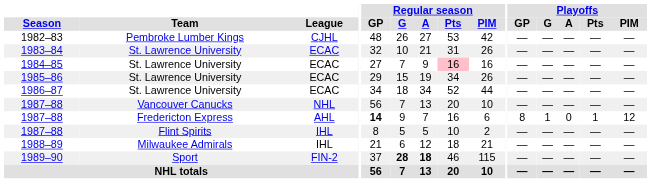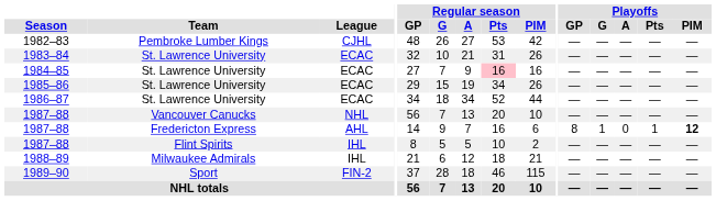 <table border="0" cellpadding="1" cellspacing="0" style="text-align:center; width:60em">
 <tr bgcolor="#e0e0e0">
 <th colspan="3" bgcolor="#ffffff"></th>
 <th rowspan="100" bgcolor="#ffffff"></th>
 <th colspan="5"><a href='#'>Regular season</a></th>
 <th rowspan="100" bgcolor="#ffffff"></th>
 <th colspan="5"><a href='#'>Playoffs</a></th>
 </tr>
 <tr bgcolor="#e0e0e0">
 <th><a href='#'>Season</a></th>
 <th>Team</th>
 <th>League</th>
 <th>GP</th>
 <th><a href='#'>G</a></th>
 <th><a href='#'>A</a></th>
 <th><a href='#'>Pts</a></th>
 <th><a href='#'>PIM</a></th>
 <th>GP</th>
 <th>G</th>
 <th>A</th>
 <th>Pts</th>
 <th>PIM</th>
 </tr>
 <tr>
 <td>1982–83</td>
 <td><a href='#'>Pembroke Lumber Kings</a></td>
 <td><a href='#'>CJHL</a></td>
 <td>48</td>
 <td>26</td>
 <td>27</td>
 <td>53</td>
 <td>42</td>
 <td>—</td>
 <td>—</td>
 <td>—</td>
 <td>—</td>
 <td>—</td>
 </tr>
 <tr bgcolor="#f0f0f0">
 <td><a href='#'>1983–84</a></td>
 <td><a href='#'>St. Lawrence University</a></td>
 <td><a href='#'>ECAC</a></td>
 <td>32</td>
 <td>10</td>
 <td>21</td>
 <td>31</td>
 <td>26</td>
 <td>—</td>
 <td>—</td>
 <td>—</td>
 <td>—</td>
 <td>—</td>
 </tr>
 <tr>
 <td><a href='#'>1984–85</a></td>
 <td>St. Lawrence University</td>
 <td>ECAC</td>
 <td>27</td>
 <td>7</td>
 <td>9</td>
 <td style="background: pink;">16</td>
 <td>16</td>
 <td>—</td>
 <td>—</td>
 <td>—</td>
 <td>—</td>
 <td>—</td>
 </tr>
 <tr bgcolor="#f0f0f0">
 <td><a href='#'>1985–86</a></td>
 <td>St. Lawrence University</td>
 <td>ECAC</td>
 <td>29</td>
 <td>15</td>
 <td>19</td>
 <td>34</td>
 <td>26</td>
 <td>—</td>
 <td>—</td>
 <td>—</td>
 <td>—</td>
 <td>—</td>
 </tr>
 <tr>
 <td><a href='#'>1986–87</a></td>
 <td>St. Lawrence University</td>
 <td>ECAC</td>
 <td>34</td>
 <td>18</td>
 <td>34</td>
 <td>52</td>
 <td>44</td>
 <td>—</td>
 <td>—</td>
 <td>—</td>
 <td>—</td>
 <td>—</td>
 </tr>
 <tr bgcolor="#f0f0f0">
 <td><a href='#'>1987–88</a></td>
 <td><a href='#'>Vancouver Canucks</a></td>
 <td><a href='#'>NHL</a></td>
 <td>56</td>
 <td>7</td>
 <td>13</td>
 <td>20</td>
 <td>10</td>
 <td>—</td>
 <td>—</td>
 <td>—</td>
 <td>—</td>
 <td>—</td>
 </tr>
 <tr>
 <td><a href='#'>1987–88</a></td>
 <td><a href='#'>Fredericton Express</a></td>
 <td><a href='#'>AHL</a></td>
-<td><strong>14</strong></td>
+<td>14</td>
 <td>9</td>
 <td>7</td>
 <td>16</td>
 <td>6</td>
 <td>8</td>
 <td>1</td>
 <td>0</td>
 <td>1</td>
-<td>12</td>
+<td><strong>12</strong></td>
 </tr>
 <tr bgcolor="#f0f0f0">
 <td><a href='#'>1987–88</a></td>
 <td><a href='#'>Flint Spirits</a></td>
 <td><a href='#'>IHL</a></td>
 <td>8</td>
 <td>5</td>
 <td>5</td>
 <td>10</td>
 <td>2</td>
 <td>—</td>
 <td>—</td>
 <td>—</td>
 <td>—</td>
 <td>—</td>
 </tr>
 <tr>
 <td><a href='#'>1988–89</a></td>
 <td><a href='#'>Milwaukee Admirals</a></td>
 <td>IHL</td>
 <td>21</td>
 <td>6</td>
 <td>12</td>
 <td>18</td>
 <td>21</td>
 <td>—</td>
 <td>—</td>
 <td>—</td>
 <td>—</td>
 <td>—</td>
 </tr>
 <tr bgcolor="#f0f0f0">
 <td><a href='#'>1989–90</a></td>
 <td><a href='#'>Sport</a></td>
 <td><a href='#'>FIN-2</a></td>
 <td>37</td>
-<td><strong>28</strong></td>
-<td><strong>18</strong></td>
+<td>28</td>
+<td>18</td>
 <td>46</td>
 <td>115</td>
 <td>—</td>
 <td>—</td>
 <td>—</td>
 <td>—</td>
 <td>—</td>
 </tr>
 <tr bgcolor="#e0e0e0">
 <th colspan="3">NHL totals</th>
 <th>56</th>
 <th>7</th>
 <th>13</th>
 <th>20</th>
 <th>10</th>
 <th>—</th>
 <th>—</th>
 <th>—</th>
 <th>—</th>
 <th>—</th>
 </tr>
 </table>
